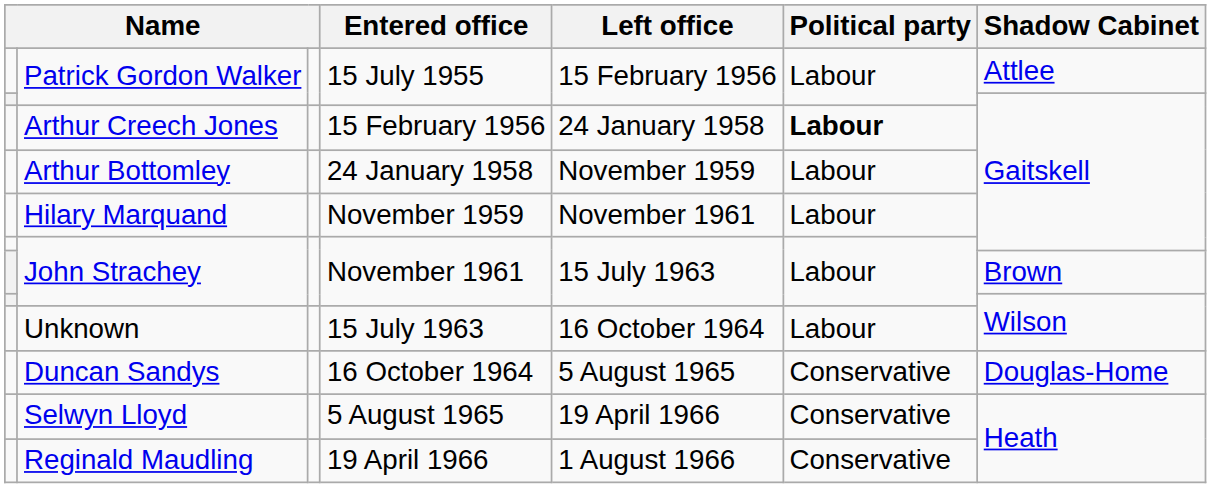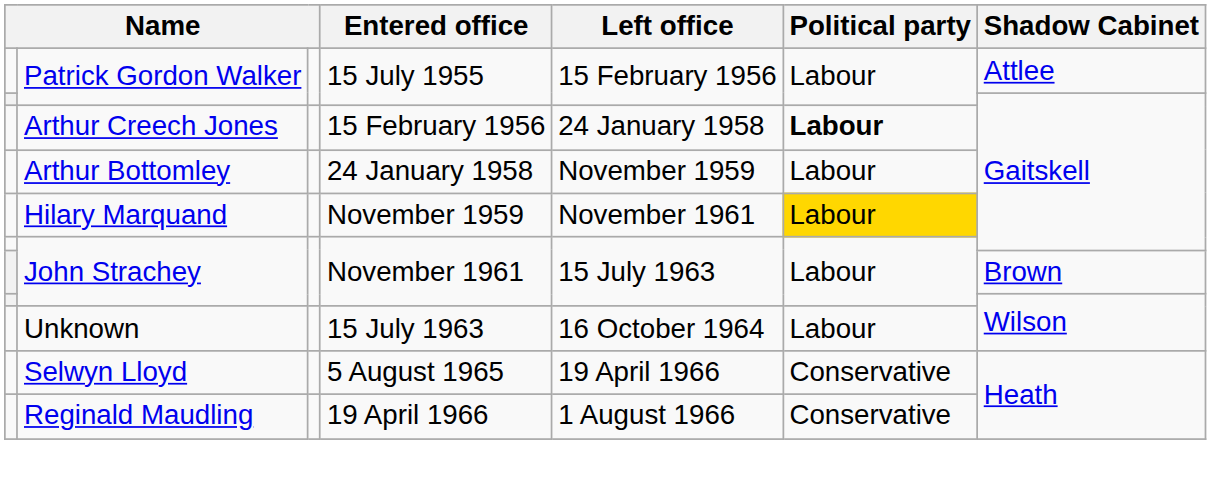 <table class="wikitable">
 <tr>
 <th colspan=3>Name</th>
 <th>Entered office</th>
 <th>Left office</th>
 <th>Political party</th>
 <th>Shadow Cabinet</th>
 </tr>
 <tr>
 <td style="background-color: "></td>
 <td rowspan=2><a href='#'>Patrick Gordon Walker</a></td>
 <td rowspan=2></td>
 <td rowspan=2>15 July 1955</td>
 <td rowspan=2>15 February 1956</td>
 <td rowspan=2>Labour</td>
 <td><a href='#'>Attlee</a></td>
 </tr>
 <tr>
 <th style="background-color: "></th>
 <td rowspan=5 ><a href='#'>Gaitskell</a></td>
 </tr>
 <tr>
 <td style="background-color: "></td>
 <td><a href='#'>Arthur Creech Jones</a></td>
 <td></td>
 <td>15 February 1956</td>
 <td>24 January 1958</td>
 <td><strong>Labour</strong></td>
 </tr>
 <tr>
 <td style="background-color: "></td>
 <td><a href='#'>Arthur Bottomley</a></td>
 <td></td>
 <td>24 January 1958</td>
 <td>November 1959</td>
 <td>Labour</td>
 </tr>
 <tr>
 <td style="background-color: "></td>
 <td><a href='#'>Hilary Marquand</a></td>
 <td></td>
 <td>November 1959</td>
 <td>November 1961</td>
-<td>Labour</td>
+<td style="background: gold;">Labour</td>
 </tr>
 <tr>
 <td style="background-color: "></td>
 <td rowspan=3><a href='#'>John Strachey</a></td>
 <td rowspan=3></td>
 <td rowspan=3>November 1961</td>
 <td rowspan=3>15 July 1963</td>
 <td rowspan=3>Labour</td>
 </tr>
 <tr>
 <th style="background-color: "></th>
 <td><a href='#'>Brown</a></td>
 </tr>
 <tr>
 <th style="background-color: "></th>
 <td rowspan=2 ><a href='#'>Wilson</a></td>
 </tr>
 <tr>
 <td style="background-color: "></td>
 <td>Unknown</td>
 <td></td>
 <td>15 July 1963</td>
 <td>16 October 1964</td>
 <td>Labour</td>
 </tr>
 <tr>
 <td style="background-color: "></td>
-<td><a href='#'>Duncan Sandys</a></td>
-<td></td>
-<td>16 October 1964</td>
-<td>5 August 1965</td>
-<td>Conservative</td>
-<td><a href='#'>Douglas-Home</a></td>
-</tr>
-<tr>
-<td style="background-color: "></td>
 <td><a href='#'>Selwyn Lloyd</a></td>
 <td></td>
 <td>5 August 1965</td>
 <td>19 April 1966</td>
 <td>Conservative</td>
 <td rowspan=2 ><a href='#'>Heath</a></td>
 </tr>
 <tr>
 <td style="background-color: "></td>
 <td><a href='#'>Reginald Maudling</a></td>
 <td></td>
 <td>19 April 1966</td>
 <td>1 August 1966</td>
 <td>Conservative</td>
 </tr>
 </table>
